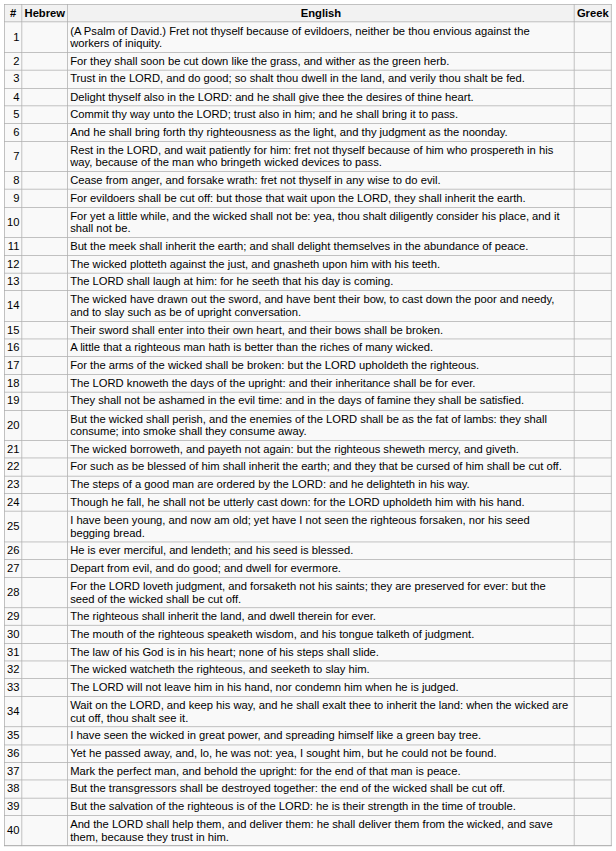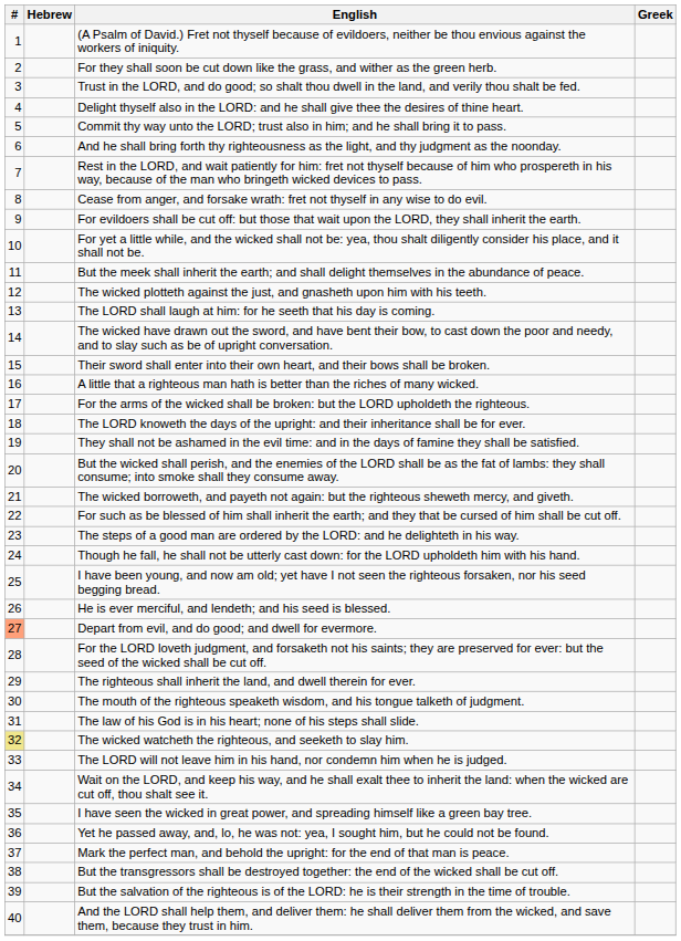 <table class=wikitable>
 <tr>
 <th>#</th>
 <th>Hebrew</th>
 <th>English</th>
 <th>Greek</th>
 </tr>
 <tr>
 <td style="text-align:right">1</td>
 <td style="text-align:right"></td>
 <td>(A Psalm of David.) Fret not thyself because of evildoers, neither be thou envious against the workers of iniquity.</td>
 <td></td>
 </tr>
 <tr>
 <td style="text-align:right">2</td>
 <td style="text-align:right"></td>
 <td>For they shall soon be cut down like the grass, and wither as the green herb.</td>
 <td></td>
 </tr>
 <tr>
 <td style="text-align:right">3</td>
 <td style="text-align:right"></td>
 <td>Trust in the LORD, and do good; so shalt thou dwell in the land, and verily thou shalt be fed.</td>
 <td></td>
 </tr>
 <tr>
 <td style="text-align:right">4</td>
 <td style="text-align:right"></td>
 <td>Delight thyself also in the LORD: and he shall give thee the desires of thine heart.</td>
 <td></td>
 </tr>
 <tr>
 <td style="text-align:right">5</td>
 <td style="text-align:right"></td>
 <td>Commit thy way unto the LORD; trust also in him; and he shall bring it to pass.</td>
 <td></td>
 </tr>
 <tr>
 <td style="text-align:right">6</td>
 <td style="text-align:right"></td>
 <td>And he shall bring forth thy righteousness as the light, and thy judgment as the noonday.</td>
 <td></td>
 </tr>
 <tr>
 <td style="text-align:right">7</td>
 <td style="text-align:right"></td>
 <td>Rest in the LORD, and wait patiently for him: fret not thyself because of him who prospereth in his way, because of the man who bringeth wicked devices to pass.</td>
 <td></td>
 </tr>
 <tr>
 <td style="text-align:right">8</td>
 <td style="text-align:right"></td>
 <td>Cease from anger, and forsake wrath: fret not thyself in any wise to do evil.</td>
 <td></td>
 </tr>
 <tr>
 <td style="text-align:right">9</td>
 <td style="text-align:right"></td>
 <td>For evildoers shall be cut off: but those that wait upon the LORD, they shall inherit the earth.</td>
 <td></td>
 </tr>
 <tr>
 <td style="text-align:right">10</td>
 <td style="text-align:right"></td>
 <td>For yet a little while, and the wicked shall not be: yea, thou shalt diligently consider his place, and it shall not be.</td>
 <td></td>
 </tr>
 <tr>
 <td style="text-align:right">11</td>
 <td style="text-align:right"></td>
 <td>But the meek shall inherit the earth; and shall delight themselves in the abundance of peace.</td>
 <td></td>
 </tr>
 <tr>
 <td style="text-align:right">12</td>
 <td style="text-align:right"></td>
 <td>The wicked plotteth against the just, and gnasheth upon him with his teeth.</td>
 <td></td>
 </tr>
 <tr>
 <td style="text-align:right">13</td>
 <td style="text-align:right"></td>
 <td>The LORD shall laugh at him: for he seeth that his day is coming.</td>
 <td></td>
 </tr>
 <tr>
 <td style="text-align:right">14</td>
 <td style="text-align:right"></td>
 <td>The wicked have drawn out the sword, and have bent their bow, to cast down the poor and needy, and to slay such as be of upright conversation.</td>
 <td></td>
 </tr>
 <tr>
 <td style="text-align:right">15</td>
 <td style="text-align:right"></td>
 <td>Their sword shall enter into their own heart, and their bows shall be broken.</td>
 <td></td>
 </tr>
 <tr>
 <td style="text-align:right">16</td>
 <td style="text-align:right"></td>
 <td>A little that a righteous man hath is better than the riches of many wicked.</td>
 <td></td>
 </tr>
 <tr>
 <td style="text-align:right">17</td>
 <td style="text-align:right"></td>
 <td>For the arms of the wicked shall be broken: but the LORD upholdeth the righteous.</td>
 <td></td>
 </tr>
 <tr>
 <td style="text-align:right">18</td>
 <td style="text-align:right"></td>
 <td>The LORD knoweth the days of the upright: and their inheritance shall be for ever.</td>
 <td></td>
 </tr>
 <tr>
 <td style="text-align:right">19</td>
 <td style="text-align:right"></td>
 <td>They shall not be ashamed in the evil time: and in the days of famine they shall be satisfied.</td>
 <td></td>
 </tr>
 <tr>
 <td style="text-align:right">20</td>
 <td style="text-align:right"></td>
 <td>But the wicked shall perish, and the enemies of the LORD shall be as the fat of lambs: they shall consume; into smoke shall they consume away.</td>
 <td></td>
 </tr>
 <tr>
 <td style="text-align:right">21</td>
 <td style="text-align:right"></td>
 <td>The wicked borroweth, and payeth not again: but the righteous sheweth mercy, and giveth.</td>
 <td></td>
 </tr>
 <tr>
 <td style="text-align:right">22</td>
 <td style="text-align:right"></td>
 <td>For such as be blessed of him shall inherit the earth; and they that be cursed of him shall be cut off.</td>
 <td></td>
 </tr>
 <tr>
 <td style="text-align:right">23</td>
 <td style="text-align:right"></td>
 <td>The steps of a good man are ordered by the LORD: and he delighteth in his way.</td>
 <td></td>
 </tr>
 <tr>
 <td style="text-align:right">24</td>
 <td style="text-align:right"></td>
 <td>Though he fall, he shall not be utterly cast down: for the LORD upholdeth him with his hand.</td>
 <td></td>
 </tr>
 <tr>
 <td style="text-align:right">25</td>
 <td style="text-align:right"></td>
 <td>I have been young, and now am old; yet have I not seen the righteous forsaken, nor his seed begging bread.</td>
 <td></td>
 </tr>
 <tr>
 <td style="text-align:right">26</td>
 <td style="text-align:right"></td>
 <td>He is ever merciful, and lendeth; and his seed is blessed.</td>
 <td></td>
 </tr>
 <tr>
-<td style="text-align:right">27</td>
+<td style="background: lightsalmon; text-align:right">27</td>
 <td style="text-align:right"></td>
 <td>Depart from evil, and do good; and dwell for evermore.</td>
 <td></td>
 </tr>
 <tr>
 <td style="text-align:right">28</td>
 <td style="text-align:right"></td>
 <td>For the LORD loveth judgment, and forsaketh not his saints; they are preserved for ever: but the seed of the wicked shall be cut off.</td>
 <td></td>
 </tr>
 <tr>
 <td style="text-align:right">29</td>
 <td style="text-align:right"></td>
 <td>The righteous shall inherit the land, and dwell therein for ever.</td>
 <td></td>
 </tr>
 <tr>
 <td style="text-align:right">30</td>
 <td style="text-align:right"></td>
 <td>The mouth of the righteous speaketh wisdom, and his tongue talketh of judgment.</td>
 <td></td>
 </tr>
 <tr>
 <td style="text-align:right">31</td>
 <td style="text-align:right"></td>
 <td>The law of his God is in his heart; none of his steps shall slide.</td>
 <td></td>
 </tr>
 <tr>
-<td style="text-align:right">32</td>
+<td style="background: khaki; text-align:right">32</td>
 <td style="text-align:right"></td>
 <td>The wicked watcheth the righteous, and seeketh to slay him.</td>
 <td></td>
 </tr>
 <tr>
 <td style="text-align:right">33</td>
 <td style="text-align:right"></td>
 <td>The LORD will not leave him in his hand, nor condemn him when he is judged.</td>
 <td></td>
 </tr>
 <tr>
 <td style="text-align:right">34</td>
 <td style="text-align:right"></td>
 <td>Wait on the LORD, and keep his way, and he shall exalt thee to inherit the land: when the wicked are cut off, thou shalt see it.</td>
 <td></td>
 </tr>
 <tr>
 <td style="text-align:right">35</td>
 <td style="text-align:right"></td>
 <td>I have seen the wicked in great power, and spreading himself like a green bay tree.</td>
 <td></td>
 </tr>
 <tr>
 <td style="text-align:right">36</td>
 <td style="text-align:right"></td>
 <td>Yet he passed away, and, lo, he was not: yea, I sought him, but he could not be found.</td>
 <td></td>
 </tr>
 <tr>
 <td style="text-align:right">37</td>
 <td style="text-align:right"></td>
 <td>Mark the perfect man, and behold the upright: for the end of that man is peace.</td>
 <td></td>
 </tr>
 <tr>
 <td style="text-align:right">38</td>
 <td style="text-align:right"></td>
 <td>But the transgressors shall be destroyed together: the end of the wicked shall be cut off.</td>
 <td></td>
 </tr>
 <tr>
 <td style="text-align:right">39</td>
 <td style="text-align:right"></td>
 <td>But the salvation of the righteous is of the LORD: he is their strength in the time of trouble.</td>
 <td></td>
 </tr>
 <tr>
 <td style="text-align:right">40</td>
 <td style="text-align:right"></td>
 <td>And the LORD shall help them, and deliver them: he shall deliver them from the wicked, and save them, because they trust in him.</td>
 <td></td>
 </tr>
 <tr>
 </tr>
 </table>
